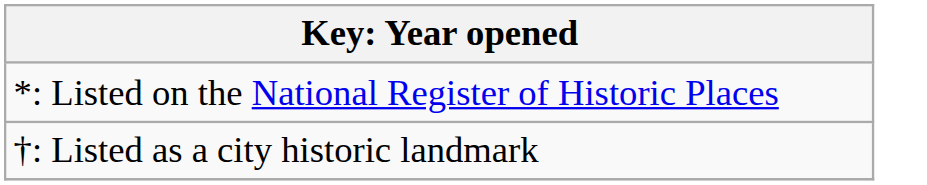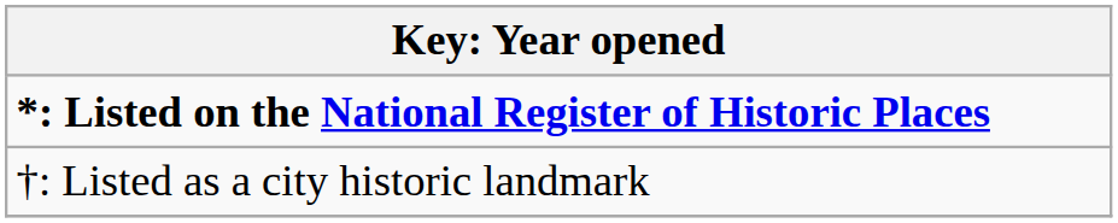 <table class="wikitable">
 <tr>
 <th width=90%>Key: Year opened</th>
 </tr>
 <tr>
-<td>*: Listed on the <a href='#'>National Register of Historic Places</a></td>
+<td><strong>*: Listed on the <a href='#'>National Register of Historic Places</a></strong></td>
 </tr>
 <tr>
 <td>†: Listed as a city historic landmark</td>
 </tr>
 <tr>
 </tr>
 </table>
